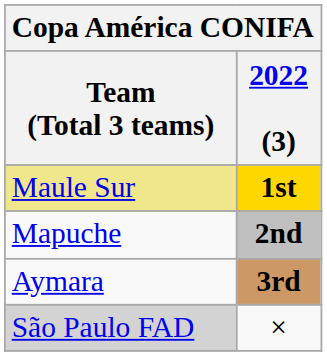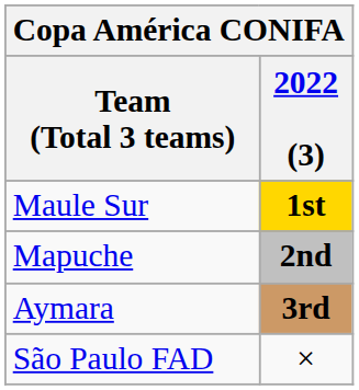 <table class="wikitable" style="text-align: center">
 <tr>
 <th colspan=2>Copa América CONIFA</th>
 </tr>
 <tr>
 <th>Team<br>(Total 3 teams)</th>
 <th><a href='#'>2022</a> <br> <br>(3)</th>
 </tr>
 <tr>
-<td style="background: khaki; text-align:left"> <a href='#'>Maule Sur</a></td>
+<td style="text-align:left"> <a href='#'>Maule Sur</a></td>
 <td style="background:gold;"><strong>1st</strong></td>
 </tr>
 <tr>
 <td style="text-align:left"> <a href='#'>Mapuche</a></td>
 <td style="background:Silver;"><strong>2nd</strong></td>
 </tr>
 <tr>
 <td style="text-align:left"> <a href='#'>Aymara</a></td>
 <td style="background:#c96;"><strong>3rd</strong></td>
 </tr>
 <tr>
-<td style="background: lightgrey; text-align:left"> <a href='#'>São Paulo FAD</a></td>
+<td style="text-align:left"> <a href='#'>São Paulo FAD</a></td>
 <td>×</td>
 </tr>
 </table>
